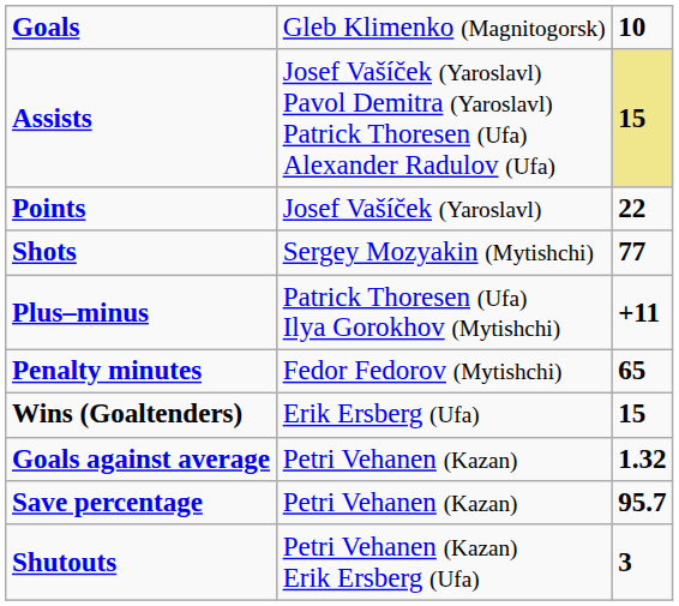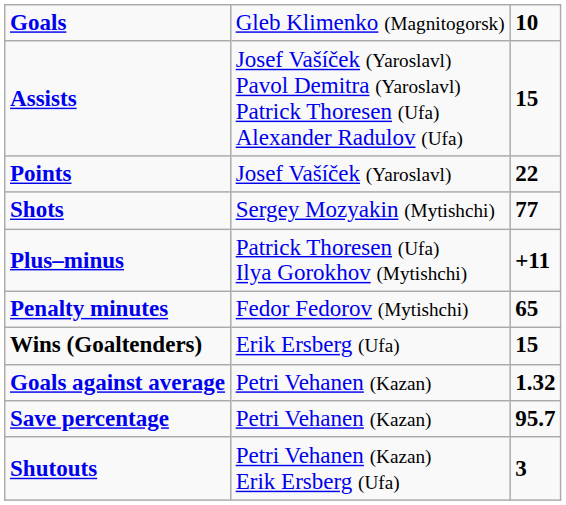 <table class="wikitable" style="text-align:left;">
 <tr>
 <td><strong><a href='#'>Goals</a></strong></td>
 <td> <a href='#'>Gleb Klimenko</a> <small>(Magnitogorsk)</small><br></td>
 <td><strong>10</strong></td>
 </tr>
 <tr>
 <td><strong><a href='#'>Assists</a></strong></td>
 <td> <a href='#'>Josef Vašíček</a> <small>(Yaroslavl)</small><br> <a href='#'>Pavol Demitra</a> <small>(Yaroslavl)</small><br> <a href='#'>Patrick Thoresen</a> <small>(Ufa)</small><br> <a href='#'>Alexander Radulov</a> <small>(Ufa)</small><br></td>
-<td style="background: khaki;"><strong>15</strong></td>
+<td><strong>15</strong></td>
 </tr>
 <tr>
 <td><strong><a href='#'>Points</a></strong></td>
 <td> <a href='#'>Josef Vašíček</a> <small>(Yaroslavl)</small></td>
 <td><strong>22</strong></td>
 </tr>
 <tr>
 <td><strong><a href='#'>Shots</a></strong></td>
 <td> <a href='#'>Sergey Mozyakin</a> <small>(Mytishchi)</small></td>
 <td><strong>77</strong></td>
 </tr>
 <tr>
 <td><strong><a href='#'>Plus–minus</a></strong></td>
 <td> <a href='#'>Patrick Thoresen</a> <small>(Ufa)</small><br> <a href='#'>Ilya Gorokhov</a> <small>(Mytishchi)</small><br></td>
 <td><strong>+11</strong></td>
 </tr>
 <tr>
 <td><strong><a href='#'>Penalty minutes</a></strong></td>
 <td> <a href='#'>Fedor Fedorov</a> <small>(Mytishchi)</small></td>
 <td><strong>65</strong></td>
 </tr>
 <tr>
 <td><strong>Wins (Goaltenders)</strong></td>
 <td> <a href='#'>Erik Ersberg</a> <small>(Ufa)</small><br></td>
 <td><strong>15</strong></td>
 </tr>
 <tr>
 <td><strong><a href='#'>Goals against average</a></strong></td>
 <td> <a href='#'>Petri Vehanen</a> <small>(Kazan)</small></td>
 <td><strong>1.32</strong></td>
 </tr>
 <tr>
 <td><strong><a href='#'>Save percentage</a></strong></td>
 <td> <a href='#'>Petri Vehanen</a> <small>(Kazan)</small></td>
 <td><strong>95.7</strong></td>
 </tr>
 <tr>
 <td><strong><a href='#'>Shutouts</a></strong></td>
 <td> <a href='#'>Petri Vehanen</a> <small>(Kazan)</small><br> <a href='#'>Erik Ersberg</a> <small>(Ufa)</small><br></td>
 <td><strong>3</strong></td>
 </tr>
 </table>
